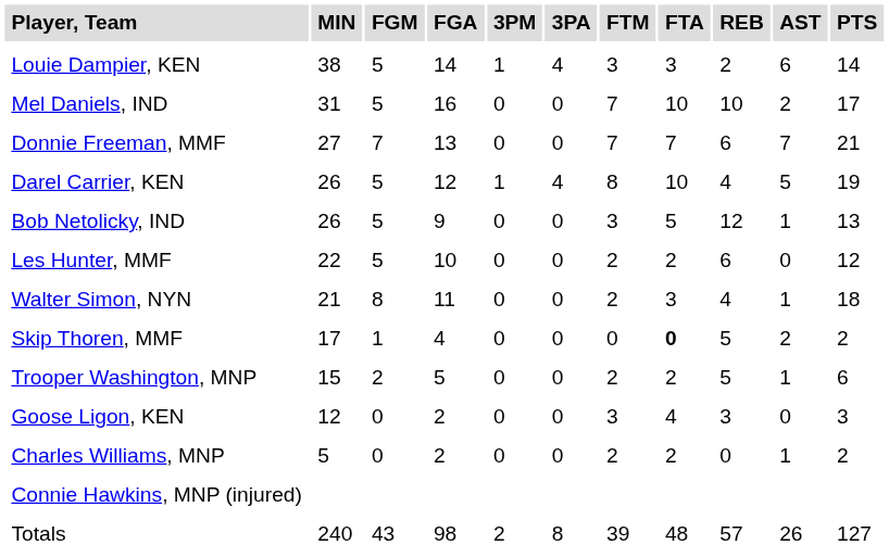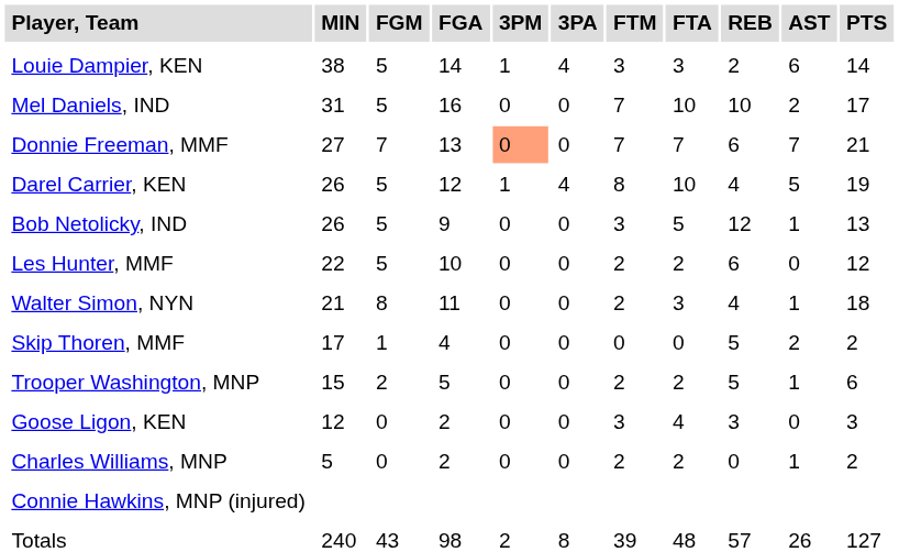 <table cellpadding=5>
 <tr bgcolor="#dddddd">
 <td><strong>Player, Team</strong></td>
 <td><strong>MIN</strong></td>
 <td><strong>FGM</strong></td>
 <td><strong>FGA</strong></td>
 <td><strong>3PM</strong></td>
 <td><strong>3PA</strong></td>
 <td><strong>FTM</strong></td>
 <td><strong>FTA</strong></td>
 <td><strong>REB</strong></td>
 <td><strong>AST</strong></td>
 <td><strong>PTS</strong></td>
 </tr>
 <tr bgcolor="#eeeeee">
 </tr>
 <tr>
 <td><a href='#'>Louie Dampier</a>, KEN</td>
 <td>38</td>
 <td>5</td>
 <td>14</td>
 <td>1</td>
 <td>4</td>
 <td>3</td>
 <td>3</td>
 <td>2</td>
 <td>6</td>
 <td>14</td>
 </tr>
 <tr>
 <td><a href='#'>Mel Daniels</a>, IND</td>
 <td>31</td>
 <td>5</td>
 <td>16</td>
 <td>0</td>
 <td>0</td>
 <td>7</td>
 <td>10</td>
 <td>10</td>
 <td>2</td>
 <td>17</td>
 </tr>
 <tr>
 <td><a href='#'>Donnie Freeman</a>, MMF</td>
 <td>27</td>
 <td>7</td>
 <td>13</td>
-<td>0</td>
+<td style="background: lightsalmon;">0</td>
 <td>0</td>
 <td>7</td>
 <td>7</td>
 <td>6</td>
 <td>7</td>
 <td>21</td>
 </tr>
 <tr>
 <td><a href='#'>Darel Carrier</a>, KEN</td>
 <td>26</td>
 <td>5</td>
 <td>12</td>
 <td>1</td>
 <td>4</td>
 <td>8</td>
 <td>10</td>
 <td>4</td>
 <td>5</td>
 <td>19</td>
 </tr>
 <tr>
 <td><a href='#'>Bob Netolicky</a>, IND</td>
 <td>26</td>
 <td>5</td>
 <td>9</td>
 <td>0</td>
 <td>0</td>
 <td>3</td>
 <td>5</td>
 <td>12</td>
 <td>1</td>
 <td>13</td>
 </tr>
 <tr>
 <td><a href='#'>Les Hunter</a>, MMF</td>
 <td>22</td>
 <td>5</td>
 <td>10</td>
 <td>0</td>
 <td>0</td>
 <td>2</td>
 <td>2</td>
 <td>6</td>
 <td>0</td>
 <td>12</td>
 </tr>
 <tr>
 <td><a href='#'>Walter Simon</a>, NYN</td>
 <td>21</td>
 <td>8</td>
 <td>11</td>
 <td>0</td>
 <td>0</td>
 <td>2</td>
 <td>3</td>
 <td>4</td>
 <td>1</td>
 <td>18</td>
 </tr>
 <tr>
 <td><a href='#'>Skip Thoren</a>, MMF</td>
 <td>17</td>
 <td>1</td>
 <td>4</td>
 <td>0</td>
 <td>0</td>
 <td>0</td>
-<td><strong>0</strong></td>
+<td>0</td>
 <td>5</td>
 <td>2</td>
 <td>2</td>
 </tr>
 <tr>
 <td><a href='#'>Trooper Washington</a>, MNP</td>
 <td>15</td>
 <td>2</td>
 <td>5</td>
 <td>0</td>
 <td>0</td>
 <td>2</td>
 <td>2</td>
 <td>5</td>
 <td>1</td>
 <td>6</td>
 </tr>
 <tr>
 <td><a href='#'>Goose Ligon</a>, KEN</td>
 <td>12</td>
 <td>0</td>
 <td>2</td>
 <td>0</td>
 <td>0</td>
 <td>3</td>
 <td>4</td>
 <td>3</td>
 <td>0</td>
 <td>3</td>
 </tr>
 <tr>
 <td><a href='#'>Charles Williams</a>, MNP</td>
 <td>5</td>
 <td>0</td>
 <td>2</td>
 <td>0</td>
 <td>0</td>
 <td>2</td>
 <td>2</td>
 <td>0</td>
 <td>1</td>
 <td>2</td>
 </tr>
 <tr>
 <td><a href='#'>Connie Hawkins</a>, MNP (injured)</td>
 </tr>
 <tr>
 <td>Totals</td>
 <td>240</td>
 <td>43</td>
 <td>98</td>
 <td>2</td>
 <td>8</td>
 <td>39</td>
 <td>48</td>
 <td>57</td>
 <td>26</td>
 <td>127</td>
 </tr>
 <tr>
 </tr>
 </table>
